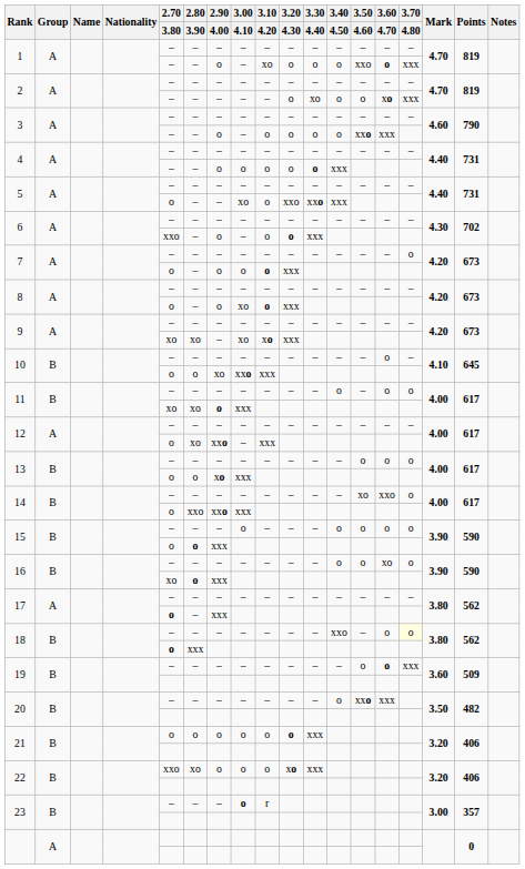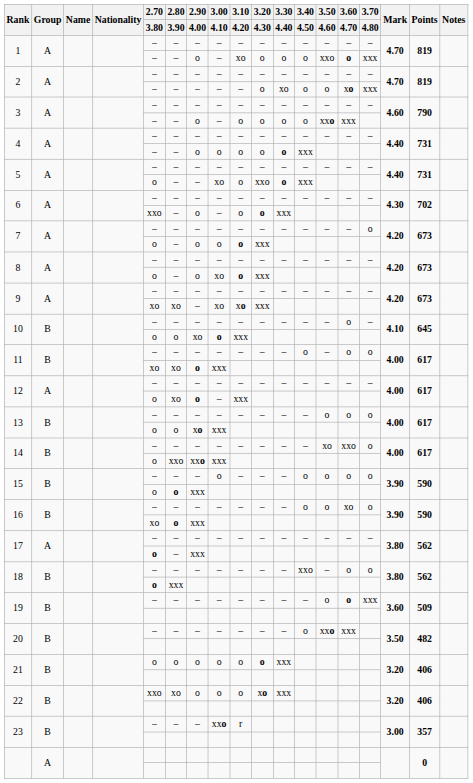 <table class="wikitable sortable" style="text-align:center">
 <tr>
 <th rowspan=2>Rank</th>
 <th rowspan=2>Group</th>
 <th rowspan=2>Name</th>
 <th rowspan=2>Nationality</th>
 <th>2.70</th>
 <th>2.80</th>
 <th>2.90</th>
 <th>3.00</th>
 <th>3.10</th>
 <th>3.20</th>
 <th>3.30</th>
 <th>3.40</th>
 <th>3.50</th>
 <th>3.60</th>
 <th>3.70</th>
 <th rowspan=2>Mark</th>
 <th rowspan=2>Points</th>
 <th rowspan=2>Notes</th>
 </tr>
 <tr>
 <th class=unsortable>3.80</th>
 <th class=unsortable>3.90</th>
 <th class=unsortable>4.00</th>
 <th class=unsortable>4.10</th>
 <th class=unsortable>4.20</th>
 <th class=unsortable>4.30</th>
 <th class=unsortable>4.40</th>
 <th class=unsortable>4.50</th>
 <th class=unsortable>4.60</th>
 <th class=unsortable>4.70</th>
 <th class=unsortable>4.80</th>
 </tr>
 <tr>
 <td rowspan=2>1</td>
 <td rowspan=2>A</td>
 <td rowspan=2 align=left></td>
 <td rowspan=2 align=left></td>
 <td>–</td>
 <td>–</td>
 <td>–</td>
 <td>–</td>
 <td>–</td>
 <td>–</td>
 <td>–</td>
 <td>–</td>
 <td>–</td>
 <td>–</td>
 <td>–</td>
 <td rowspan=2><strong>4.70</strong></td>
 <td rowspan=2><strong>819</strong></td>
 <td rowspan=2></td>
 </tr>
 <tr>
 <td>–</td>
 <td>–</td>
 <td>o</td>
 <td>–</td>
 <td>xo</td>
 <td>o</td>
 <td>o</td>
 <td>o</td>
 <td>xxo</td>
 <td><strong>o</strong></td>
 <td>xxx</td>
 </tr>
 <tr>
 <td rowspan=2>2</td>
 <td rowspan=2>A</td>
 <td rowspan=2 align=left></td>
 <td rowspan=2 align=left></td>
 <td>–</td>
 <td>–</td>
 <td>–</td>
 <td>–</td>
 <td>–</td>
 <td>–</td>
 <td>–</td>
 <td>–</td>
 <td>–</td>
 <td>–</td>
 <td>–</td>
 <td rowspan=2><strong>4.70</strong></td>
 <td rowspan=2><strong>819</strong></td>
 <td rowspan=2></td>
 </tr>
 <tr>
 <td>–</td>
 <td>–</td>
 <td>–</td>
 <td>–</td>
 <td>–</td>
 <td>o</td>
 <td>xo</td>
 <td>o</td>
 <td>o</td>
 <td>x<strong>o</strong></td>
 <td>xxx</td>
 </tr>
 <tr>
 <td rowspan=2>3</td>
 <td rowspan=2>A</td>
 <td rowspan=2 align=left></td>
 <td rowspan=2 align=left></td>
 <td>–</td>
 <td>–</td>
 <td>–</td>
 <td>–</td>
 <td>–</td>
 <td>–</td>
 <td>–</td>
 <td>–</td>
 <td>–</td>
 <td>–</td>
 <td>–</td>
 <td rowspan=2><strong>4.60</strong></td>
 <td rowspan=2><strong>790</strong></td>
 <td rowspan=2></td>
 </tr>
 <tr>
 <td>–</td>
 <td>–</td>
 <td>o</td>
 <td>–</td>
 <td>o</td>
 <td>o</td>
 <td>o</td>
 <td>o</td>
 <td>xx<strong>o</strong></td>
 <td>xxx</td>
 <td></td>
 </tr>
 <tr>
 <td rowspan=2>4</td>
 <td rowspan=2>A</td>
 <td rowspan=2 align=left></td>
 <td rowspan=2 align=left></td>
 <td>–</td>
 <td>–</td>
 <td>–</td>
 <td>–</td>
 <td>–</td>
 <td>–</td>
 <td>–</td>
 <td>–</td>
 <td>–</td>
 <td>–</td>
 <td>–</td>
 <td rowspan=2><strong>4.40</strong></td>
 <td rowspan=2><strong>731</strong></td>
 <td rowspan=2></td>
 </tr>
 <tr>
 <td>–</td>
 <td>–</td>
 <td>o</td>
 <td>o</td>
 <td>o</td>
 <td>o</td>
 <td><strong>o</strong></td>
 <td>xxx</td>
 <td></td>
 <td></td>
 <td></td>
 </tr>
 <tr>
 <td rowspan=2>5</td>
 <td rowspan=2>A</td>
 <td rowspan=2 align=left></td>
 <td rowspan=2 align=left></td>
 <td>–</td>
 <td>–</td>
 <td>–</td>
 <td>–</td>
 <td>–</td>
 <td>–</td>
 <td>–</td>
 <td>–</td>
 <td>–</td>
 <td>–</td>
 <td>–</td>
 <td rowspan=2><strong>4.40</strong></td>
 <td rowspan=2><strong>731</strong></td>
 <td rowspan=2></td>
 </tr>
 <tr>
 <td>o</td>
 <td>–</td>
 <td>–</td>
 <td>xo</td>
 <td>o</td>
 <td>xxo</td>
-<td>xx<strong>o</strong></td>
+<td><strong>o</strong></td>
 <td>xxx</td>
 <td></td>
 <td></td>
 <td></td>
 </tr>
 <tr>
 <td rowspan=2>6</td>
 <td rowspan=2>A</td>
 <td rowspan=2 align=left></td>
 <td rowspan=2 align=left></td>
 <td>–</td>
 <td>–</td>
 <td>–</td>
 <td>–</td>
 <td>–</td>
 <td>–</td>
 <td>–</td>
 <td>–</td>
 <td>–</td>
 <td>–</td>
 <td>–</td>
 <td rowspan=2><strong>4.30</strong></td>
 <td rowspan=2><strong>702</strong></td>
 <td rowspan=2></td>
 </tr>
 <tr>
 <td>xxo</td>
 <td>–</td>
 <td>o</td>
 <td>–</td>
 <td>o</td>
 <td><strong>o</strong></td>
 <td>xxx</td>
 <td></td>
 <td></td>
 <td></td>
 <td></td>
 </tr>
 <tr>
 <td rowspan=2>7</td>
 <td rowspan=2>A</td>
 <td rowspan=2 align=left></td>
 <td rowspan=2 align=left></td>
 <td>–</td>
 <td>–</td>
 <td>–</td>
 <td>–</td>
 <td>–</td>
 <td>–</td>
 <td>–</td>
 <td>–</td>
 <td>–</td>
 <td>–</td>
 <td>o</td>
 <td rowspan=2><strong>4.20</strong></td>
 <td rowspan=2><strong>673</strong></td>
 <td rowspan=2></td>
 </tr>
 <tr>
 <td>o</td>
 <td>–</td>
 <td>o</td>
 <td>o</td>
 <td><strong>o</strong></td>
 <td>xxx</td>
 <td></td>
 <td></td>
 <td></td>
 <td></td>
 <td></td>
 </tr>
 <tr>
 <td rowspan=2>8</td>
 <td rowspan=2>A</td>
 <td rowspan=2 align=left></td>
 <td rowspan=2 align=left></td>
 <td>–</td>
 <td>–</td>
 <td>–</td>
 <td>–</td>
 <td>–</td>
 <td>–</td>
 <td>–</td>
 <td>–</td>
 <td>–</td>
 <td>–</td>
 <td>–</td>
 <td rowspan=2><strong>4.20</strong></td>
 <td rowspan=2><strong>673</strong></td>
 <td rowspan=2></td>
 </tr>
 <tr>
 <td>o</td>
 <td>–</td>
 <td>o</td>
 <td>xo</td>
 <td><strong>o</strong></td>
 <td>xxx</td>
 <td></td>
 <td></td>
 <td></td>
 <td></td>
 <td></td>
 </tr>
 <tr>
 <td rowspan=2>9</td>
 <td rowspan=2>A</td>
 <td rowspan=2 align=left></td>
 <td rowspan=2 align=left></td>
 <td>–</td>
 <td>–</td>
 <td>–</td>
 <td>–</td>
 <td>–</td>
 <td>–</td>
 <td>–</td>
 <td>–</td>
 <td>–</td>
 <td>–</td>
 <td>–</td>
 <td rowspan=2><strong>4.20</strong></td>
 <td rowspan=2><strong>673</strong></td>
 <td rowspan=2></td>
 </tr>
 <tr>
 <td>xo</td>
 <td>xo</td>
 <td>–</td>
 <td>xo</td>
 <td>x<strong>o</strong></td>
 <td>xxx</td>
 <td></td>
 <td></td>
 <td></td>
 <td></td>
 <td></td>
 </tr>
 <tr>
 <td rowspan=2>10</td>
 <td rowspan=2>B</td>
 <td rowspan=2 align=left></td>
 <td rowspan=2 align=left></td>
 <td>–</td>
 <td>–</td>
 <td>–</td>
 <td>–</td>
 <td>–</td>
 <td>–</td>
 <td>–</td>
 <td>–</td>
 <td>–</td>
 <td>o</td>
 <td>–</td>
 <td rowspan=2><strong>4.10</strong></td>
 <td rowspan=2><strong>645</strong></td>
 <td rowspan=2></td>
 </tr>
 <tr>
 <td>o</td>
 <td>o</td>
 <td>xo</td>
-<td>xx<strong>o</strong></td>
+<td><strong>o</strong></td>
 <td>xxx</td>
 <td></td>
 <td></td>
 <td></td>
 <td></td>
 <td></td>
 <td></td>
 </tr>
 <tr>
 <td rowspan=2>11</td>
 <td rowspan=2>B</td>
 <td rowspan=2 align=left></td>
 <td rowspan=2 align=left></td>
 <td>–</td>
 <td>–</td>
 <td>–</td>
 <td>–</td>
 <td>–</td>
 <td>–</td>
 <td>–</td>
 <td>o</td>
 <td>–</td>
 <td>o</td>
 <td>o</td>
 <td rowspan=2><strong>4.00</strong></td>
 <td rowspan=2><strong>617</strong></td>
 <td rowspan=2></td>
 </tr>
 <tr>
 <td>xo</td>
 <td>xo</td>
 <td><strong>o</strong></td>
 <td>xxx</td>
 <td></td>
 <td></td>
 <td></td>
 <td></td>
 <td></td>
 <td></td>
 <td></td>
 </tr>
 <tr>
 <td rowspan=2>12</td>
 <td rowspan=2>A</td>
 <td rowspan=2 align=left></td>
 <td rowspan=2 align=left></td>
 <td>–</td>
 <td>–</td>
 <td>–</td>
 <td>–</td>
 <td>–</td>
 <td>–</td>
 <td>–</td>
 <td>–</td>
 <td>–</td>
 <td>–</td>
 <td>–</td>
 <td rowspan=2><strong>4.00</strong></td>
 <td rowspan=2><strong>617</strong></td>
 <td rowspan=2></td>
 </tr>
 <tr>
 <td>o</td>
 <td>xo</td>
-<td>xx<strong>o</strong></td>
+<td><strong>o</strong></td>
 <td>–</td>
 <td>xxx</td>
 <td></td>
 <td></td>
 <td></td>
 <td></td>
 <td></td>
 <td></td>
 </tr>
 <tr>
 <td rowspan=2>13</td>
 <td rowspan=2>B</td>
 <td rowspan=2 align=left></td>
 <td rowspan=2 align=left></td>
 <td>–</td>
 <td>–</td>
 <td>–</td>
 <td>–</td>
 <td>–</td>
 <td>–</td>
 <td>–</td>
 <td>–</td>
 <td>o</td>
 <td>o</td>
 <td>o</td>
 <td rowspan=2><strong>4.00</strong></td>
 <td rowspan=2><strong>617</strong></td>
 <td rowspan=2></td>
 </tr>
 <tr>
 <td>o</td>
 <td>o</td>
 <td>x<strong>o</strong></td>
 <td>xxx</td>
 <td></td>
 <td></td>
 <td></td>
 <td></td>
 <td></td>
 <td></td>
 <td></td>
 </tr>
 <tr>
 <td rowspan=2>14</td>
 <td rowspan=2>B</td>
 <td rowspan=2 align=left></td>
 <td rowspan=2 align=left></td>
 <td>–</td>
 <td>–</td>
 <td>–</td>
 <td>–</td>
 <td>–</td>
 <td>–</td>
 <td>–</td>
 <td>–</td>
 <td>xo</td>
 <td>xxo</td>
 <td>o</td>
 <td rowspan=2><strong>4.00</strong></td>
 <td rowspan=2><strong>617</strong></td>
 <td rowspan=2></td>
 </tr>
 <tr>
 <td>o</td>
 <td>xxo</td>
 <td>xx<strong>o</strong></td>
 <td>xxx</td>
 <td></td>
 <td></td>
 <td></td>
 <td></td>
 <td></td>
 <td></td>
 <td></td>
 </tr>
 <tr>
 <td rowspan=2>15</td>
 <td rowspan=2>B</td>
 <td rowspan=2 align=left></td>
 <td rowspan=2 align=left></td>
 <td>–</td>
 <td>–</td>
 <td>–</td>
 <td>o</td>
 <td>–</td>
 <td>–</td>
 <td>–</td>
 <td>o</td>
 <td>o</td>
 <td>o</td>
 <td>o</td>
 <td rowspan=2><strong>3.90</strong></td>
 <td rowspan=2><strong>590</strong></td>
 <td rowspan=2></td>
 </tr>
 <tr>
 <td>o</td>
 <td><strong>o</strong></td>
 <td>xxx</td>
 <td></td>
 <td></td>
 <td></td>
 <td></td>
 <td></td>
 <td></td>
 <td></td>
 <td></td>
 </tr>
 <tr>
 <td rowspan=2>16</td>
 <td rowspan=2>B</td>
 <td rowspan=2 align=left></td>
 <td rowspan=2 align=left></td>
 <td>–</td>
 <td>–</td>
 <td>–</td>
 <td>–</td>
 <td>–</td>
 <td>–</td>
 <td>–</td>
 <td>o</td>
 <td>o</td>
 <td>xo</td>
 <td>o</td>
 <td rowspan=2><strong>3.90</strong></td>
 <td rowspan=2><strong>590</strong></td>
 <td rowspan=2></td>
 </tr>
 <tr>
 <td>xo</td>
 <td><strong>o</strong></td>
 <td>xxx</td>
 <td></td>
 <td></td>
 <td></td>
 <td></td>
 <td></td>
 <td></td>
 <td></td>
 <td></td>
 </tr>
 <tr>
 <td rowspan=2>17</td>
 <td rowspan=2>A</td>
 <td rowspan=2 align=left></td>
 <td rowspan=2 align=left></td>
 <td>–</td>
 <td>–</td>
 <td>–</td>
 <td>–</td>
 <td>–</td>
 <td>–</td>
 <td>–</td>
 <td>–</td>
 <td>–</td>
 <td>–</td>
 <td>–</td>
 <td rowspan=2><strong>3.80</strong></td>
 <td rowspan=2><strong>562</strong></td>
 <td rowspan=2></td>
 </tr>
 <tr>
 <td><strong>o</strong></td>
 <td>–</td>
 <td>xxx</td>
 <td></td>
 <td></td>
 <td></td>
 <td></td>
 <td></td>
 <td></td>
 <td></td>
 <td></td>
 </tr>
 <tr>
 <td rowspan=2>18</td>
 <td rowspan=2>B</td>
 <td rowspan=2 align=left></td>
 <td rowspan=2 align=left></td>
 <td>–</td>
 <td>–</td>
 <td>–</td>
 <td>–</td>
 <td>–</td>
 <td>–</td>
 <td>–</td>
 <td>xxo</td>
 <td>–</td>
 <td>o</td>
-<td style="background: lightyellow;">o</td>
+<td>o</td>
 <td rowspan=2><strong>3.80</strong></td>
 <td rowspan=2><strong>562</strong></td>
 <td rowspan=2></td>
 </tr>
 <tr>
 <td><strong>o</strong></td>
 <td>xxx</td>
 <td></td>
 <td></td>
 <td></td>
 <td></td>
 <td></td>
 <td></td>
 <td></td>
 <td></td>
 <td></td>
 </tr>
 <tr>
 <td rowspan=2>19</td>
 <td rowspan=2>B</td>
 <td rowspan=2 align=left></td>
 <td rowspan=2 align=left></td>
 <td>–</td>
 <td>–</td>
 <td>–</td>
 <td>–</td>
 <td>–</td>
 <td>–</td>
 <td>–</td>
 <td>–</td>
 <td>o</td>
 <td><strong>o</strong></td>
 <td>xxx</td>
 <td rowspan=2><strong>3.60</strong></td>
 <td rowspan=2><strong>509</strong></td>
 <td rowspan=2></td>
 </tr>
 <tr>
 <td> </td>
 <td></td>
 <td></td>
 <td></td>
 <td></td>
 <td></td>
 <td></td>
 <td></td>
 <td></td>
 <td></td>
 <td></td>
 </tr>
 <tr>
 <td rowspan=2>20</td>
 <td rowspan=2>B</td>
 <td rowspan=2 align=left></td>
 <td rowspan=2 align=left></td>
 <td>–</td>
 <td>–</td>
 <td>–</td>
 <td>–</td>
 <td>–</td>
 <td>–</td>
 <td>–</td>
 <td>o</td>
 <td>xx<strong>o</strong></td>
 <td>xxx</td>
 <td></td>
 <td rowspan=2><strong>3.50</strong></td>
 <td rowspan=2><strong>482</strong></td>
 <td rowspan=2></td>
 </tr>
 <tr>
 <td> </td>
 <td></td>
 <td></td>
 <td></td>
 <td></td>
 <td></td>
 <td></td>
 <td></td>
 <td></td>
 <td></td>
 <td></td>
 </tr>
 <tr>
 <td rowspan=2>21</td>
 <td rowspan=2>B</td>
 <td rowspan=2 align=left></td>
 <td rowspan=2 align=left></td>
 <td>o</td>
 <td>o</td>
 <td>o</td>
 <td>o</td>
 <td>o</td>
 <td><strong>o</strong></td>
 <td>xxx</td>
 <td></td>
 <td></td>
 <td></td>
 <td></td>
 <td rowspan=2><strong>3.20</strong></td>
 <td rowspan=2><strong>406</strong></td>
 <td rowspan=2></td>
 </tr>
 <tr>
 <td> </td>
 <td></td>
 <td></td>
 <td></td>
 <td></td>
 <td></td>
 <td></td>
 <td></td>
 <td></td>
 <td></td>
 <td></td>
 </tr>
 <tr>
 <td rowspan=2>22</td>
 <td rowspan=2>B</td>
 <td rowspan=2 align=left></td>
 <td rowspan=2 align=left></td>
 <td>xxo</td>
 <td>xo</td>
 <td>o</td>
 <td>o</td>
 <td>o</td>
 <td>x<strong>o</strong></td>
 <td>xxx</td>
 <td></td>
 <td></td>
 <td></td>
 <td></td>
 <td rowspan=2><strong>3.20</strong></td>
 <td rowspan=2><strong>406</strong></td>
 <td rowspan=2></td>
 </tr>
 <tr>
 <td> </td>
 <td></td>
 <td></td>
 <td></td>
 <td></td>
 <td></td>
 <td></td>
 <td></td>
 <td></td>
 <td></td>
 <td></td>
 </tr>
 <tr>
 <td rowspan=2>23</td>
 <td rowspan=2>B</td>
 <td rowspan=2 align=left></td>
 <td rowspan=2 align=left></td>
 <td>–</td>
 <td>–</td>
 <td>–</td>
-<td><strong>o</strong></td>
+<td>xx<strong>o</strong></td>
 <td>r</td>
 <td></td>
 <td></td>
 <td></td>
 <td></td>
 <td></td>
 <td></td>
 <td rowspan=2><strong>3.00</strong></td>
 <td rowspan=2><strong>357</strong></td>
 <td rowspan=2></td>
 </tr>
 <tr>
 <td> </td>
 <td></td>
 <td></td>
 <td></td>
 <td></td>
 <td></td>
 <td></td>
 <td></td>
 <td></td>
 <td></td>
 <td></td>
 </tr>
 <tr>
 <td rowspan=2></td>
 <td rowspan=2>A</td>
 <td rowspan=2 align=left></td>
 <td rowspan=2 align=left></td>
 <td> </td>
 <td></td>
 <td></td>
 <td></td>
 <td></td>
 <td></td>
 <td></td>
 <td></td>
 <td></td>
 <td></td>
 <td></td>
 <td rowspan=2><strong></strong></td>
 <td rowspan=2><strong>0</strong></td>
 <td rowspan=2></td>
 </tr>
 <tr>
 <td> </td>
 <td></td>
 <td></td>
 <td></td>
 <td></td>
 <td></td>
 <td></td>
 <td></td>
 <td></td>
 <td></td>
 <td></td>
 </tr>
 </table>
